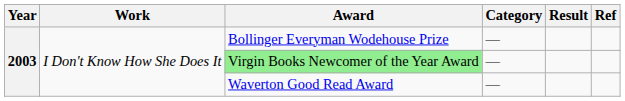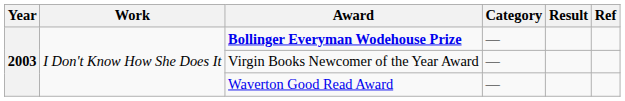 <table class="wikitable sortable">
 <tr>
 <th>Year</th>
 <th>Work</th>
 <th>Award</th>
 <th>Category</th>
 <th>Result</th>
 <th>Ref</th>
 </tr>
 <tr>
 <th rowspan="3">2003</th>
 <td rowspan="3"><em>I Don't Know How She Does It</em></td>
-<td><a href='#'>Bollinger Everyman Wodehouse Prize</a></td>
+<td><strong><a href='#'>Bollinger Everyman Wodehouse Prize</a></strong></td>
 <td>—</td>
 <td></td>
 <td></td>
 </tr>
 <tr>
-<td style="background: lightgreen;">Virgin Books Newcomer of the Year Award</td>
+<td>Virgin Books Newcomer of the Year Award</td>
 <td>—</td>
 <td></td>
 <td></td>
 </tr>
 <tr>
 <td><a href='#'>Waverton Good Read Award</a></td>
 <td>—</td>
 <td></td>
 <td></td>
 </tr>
 </table>
